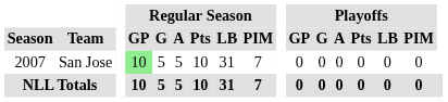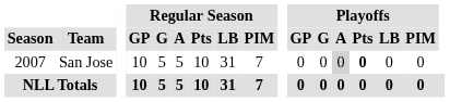 <table BORDER="0" CELLPADDING="3" CELLSPACING="0">
 <tr ALIGN="center" bgcolor="#e0e0e0">
 <th colspan="2" bgcolor="#ffffff"> </th>
 <th rowspan="99" bgcolor="#ffffff"> </th>
 <th colspan="6">Regular Season</th>
 <th rowspan="99" bgcolor="#ffffff"> </th>
 <th colspan="6">Playoffs</th>
 </tr>
 <tr ALIGN="center" bgcolor="#e0e0e0">
 <th>Season</th>
 <th>Team</th>
 <th>GP</th>
 <th>G</th>
 <th>A</th>
 <th>Pts</th>
 <th>LB</th>
 <th>PIM</th>
 <th>GP</th>
 <th>G</th>
 <th>A</th>
 <th>Pts</th>
 <th>LB</th>
 <th>PIM</th>
 </tr>
 <tr ALIGN="center">
 <td>2007</td>
 <td>San Jose</td>
-<td style="background: lightgreen;">10</td>
+<td>10</td>
 <td>5</td>
 <td>5</td>
 <td>10</td>
 <td>31</td>
 <td>7</td>
 <td>0</td>
 <td>0</td>
-<td>0</td>
-<td>0</td>
+<td style="background: lightgrey;">0</td>
+<td><strong>0</strong></td>
 <td>0</td>
 <td>0</td>
 <td></td>
 </tr>
 <tr ALIGN="center" bgcolor="#e0e0e0">
 <th colspan="2">NLL Totals</th>
 <th>10</th>
 <th>5</th>
 <th>5</th>
 <th>10</th>
 <th>31</th>
 <th>7</th>
 <th>0</th>
 <th>0</th>
 <th>0</th>
 <th>0</th>
 <th>0</th>
 <th>0</th>
 <th></th>
 </tr>
 </table>
